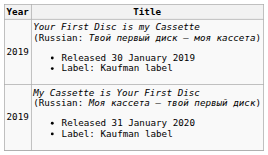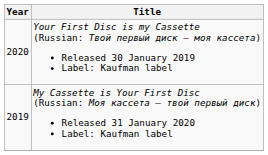 <table class="wikitable">
 <tr>
 <th>Year</th>
 <th>Title</th>
 </tr>
 <tr>
-<td>2019</td>
+<td>2020</td>
 <td><em>Your First Disc is my Cassette</em><br>(Russian: <em>Твой первый диск – моя кассета</em>)<br><ul><li>Released 30 January 2019</li><li>Label: Kaufman label</li></ul></td>
 </tr>
 <tr>
 <td>2019</td>
 <td><em>My Cassette is Your First Disc</em><br>(Russian: <em>Моя кассета – твой первый диск</em>)<br><ul><li>Released 31 January 2020</li><li>Label: Kaufman label</li></ul></td>
 </tr>
 <tr>
 </tr>
 </table>
